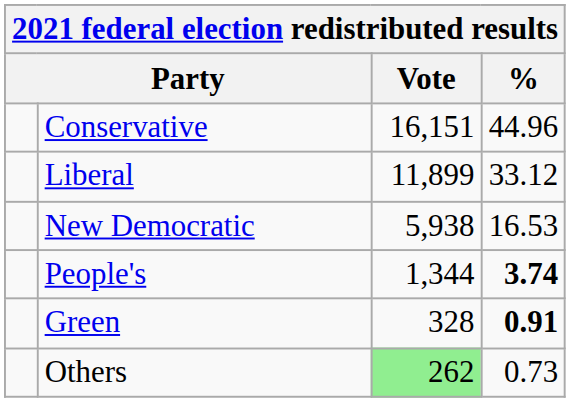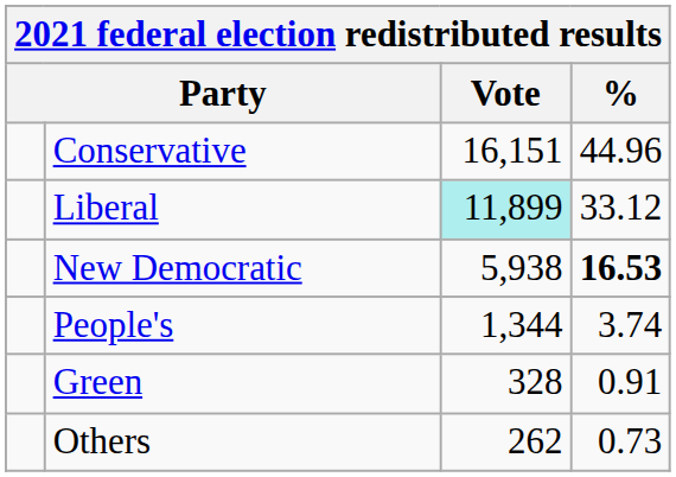 <table class="wikitable">
 <tr>
 <th colspan="4"><a href='#'>2021 federal election</a> redistributed results</th>
 </tr>
 <tr>
 <th bgcolor="#DDDDFF" width="130px" colspan="2">Party</th>
 <th bgcolor="#DDDDFF" width="50px">Vote</th>
 <th bgcolor="#DDDDFF" width="30px">%</th>
 </tr>
 <tr>
 <td> </td>
 <td><a href='#'>Conservative</a></td>
 <td align=right>16,151</td>
 <td align=right>44.96</td>
 </tr>
 <tr>
 <td> </td>
 <td><a href='#'>Liberal</a></td>
-<td align=right>11,899</td>
+<td align=right style="background: paleturquoise;">11,899</td>
 <td align=right>33.12</td>
 </tr>
 <tr>
 <td> </td>
 <td><a href='#'>New Democratic</a></td>
 <td align=right>5,938</td>
-<td align=right>16.53</td>
+<td align=right><strong>16.53</strong></td>
 </tr>
 <tr>
 <td> </td>
 <td><a href='#'>People's</a></td>
 <td align=right>1,344</td>
-<td align=right><strong>3.74</strong></td>
+<td align=right>3.74</td>
 </tr>
 <tr>
 <td> </td>
 <td><a href='#'>Green</a></td>
 <td align=right>328</td>
-<td align=right><strong>0.91</strong></td>
+<td align=right>0.91</td>
 </tr>
 <tr>
 <td> </td>
 <td>Others</td>
-<td align=right style="background: lightgreen;">262</td>
+<td align=right>262</td>
 <td align=right>0.73</td>
 </tr>
 </table>
